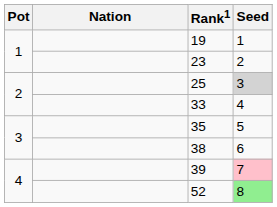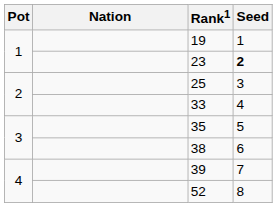 <table class="wikitable">
 <tr>
 <th>Pot</th>
 <th width="175">Nation</th>
 <th>Rank<sup>1</sup></th>
 <th>Seed</th>
 </tr>
 <tr>
 <td rowspan=2 style="text-align:center;">1</td>
 <td></td>
 <td>19</td>
 <td>1</td>
 </tr>
 <tr>
 <td></td>
 <td>23</td>
-<td>2</td>
+<td><strong>2</strong></td>
 </tr>
 <tr>
 <td rowspan=2 style="text-align:center;">2</td>
 <td></td>
 <td>25</td>
-<td style="background: lightgrey;">3</td>
+<td>3</td>
 </tr>
 <tr>
 <td></td>
 <td>33</td>
 <td>4</td>
 </tr>
 <tr>
 <td rowspan=2 style="text-align:center;">3</td>
 <td></td>
 <td>35</td>
 <td>5</td>
 </tr>
 <tr>
 <td></td>
 <td>38</td>
 <td>6</td>
 </tr>
 <tr>
 <td rowspan=2 style="text-align:center;">4</td>
 <td></td>
 <td>39</td>
-<td style="background: pink;">7</td>
+<td>7</td>
 </tr>
 <tr>
 <td></td>
 <td>52</td>
-<td style="background: lightgreen;">8</td>
+<td>8</td>
 </tr>
 </table>
